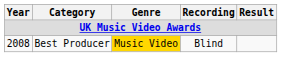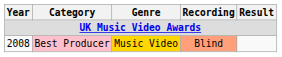 <table class=wikitable>
 <tr style="background:#ccc;">
 <th>Year</th>
 <th>Category</th>
 <th>Genre</th>
 <th>Recording</th>
 <th>Result</th>
 </tr>
 <tr style="background:#ddd;">
 <td colspan="5" style="text-align:center;"><strong><a href='#'>UK Music Video Awards</a></strong></td>
 </tr>
 <tr align=center>
 <td style="text-align:left;" rowspan="1">2008</td>
-<td>Best Producer</td>
+<td style="background: pink;">Best Producer</td>
 <td style="background: gold;">Music Video</td>
-<td>Blind</td>
+<td style="background: lightsalmon;">Blind</td>
 <td></td>
 </tr>
 </table>
